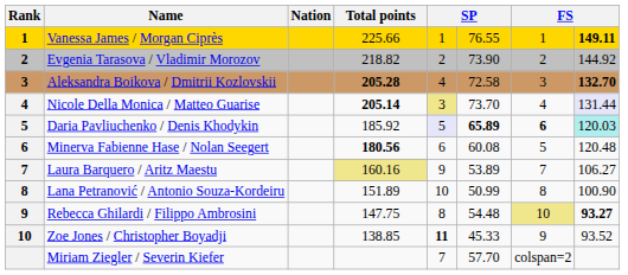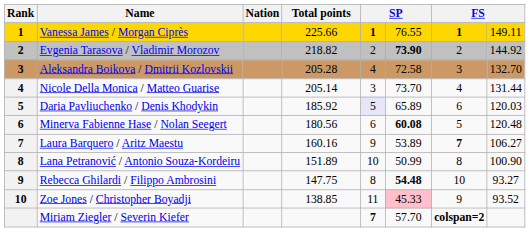 <table class="wikitable sortable">
 <tr>
 <th>Rank</th>
 <th>Name</th>
 <th>Nation</th>
 <th width="100px">Total points</th>
 <th colspan="2" width="90px"><a href='#'>SP</a></th>
 <th colspan="2" width="90px"><a href='#'>FS</a></th>
 </tr>
 <tr bgcolor="gold">
 <td align="center" bgcolor="gold"><strong>1</strong></td>
 <td><a href='#'>Vanessa James</a> / <a href='#'>Morgan Ciprès</a></td>
 <td></td>
 <td align="center">225.66</td>
-<td align="center">1</td>
+<td align="center"><strong>1</strong></td>
 <td align="center">76.55</td>
-<td align="center">1</td>
-<td align="center"><strong>149.11</strong></td>
+<td align="center"><strong>1</strong></td>
+<td align="center">149.11</td>
 </tr>
 <tr bgcolor="silver">
 <td align="center" bgcolor="silver"><strong>2</strong></td>
 <td><a href='#'>Evgenia Tarasova</a> / <a href='#'>Vladimir Morozov</a></td>
 <td></td>
 <td align="center">218.82</td>
 <td align="center">2</td>
-<td align="center">73.90</td>
+<td align="center"><strong>73.90</strong></td>
 <td align="center">2</td>
 <td align="center">144.92</td>
 </tr>
 <tr bgcolor="#cc9966">
 <td align="center" bgcolor="#cc9966"><strong>3</strong></td>
 <td><a href='#'>Aleksandra Boikova</a> / <a href='#'>Dmitrii Kozlovskii</a></td>
 <td></td>
-<td align="center"><strong>205.28</strong></td>
+<td align="center">205.28</td>
 <td align="center">4</td>
 <td align="center">72.58</td>
 <td align="center">3</td>
-<td align="center"><strong>132.70</strong></td>
+<td align="center">132.70</td>
 </tr>
 <tr>
 <th>4</th>
 <td><a href='#'>Nicole Della Monica</a> / <a href='#'>Matteo Guarise</a></td>
 <td></td>
-<td align="center"><strong>205.14</strong></td>
-<td align="center" style="background: khaki;">3</td>
+<td align="center">205.14</td>
+<td align="center">3</td>
 <td align="center">73.70</td>
 <td align="center">4</td>
-<td align="center" style="background: lavender;">131.44</td>
+<td align="center">131.44</td>
 </tr>
 <tr>
 <th>5</th>
 <td><a href='#'>Daria Pavliuchenko</a> / <a href='#'>Denis Khodykin</a></td>
 <td></td>
 <td align="center">185.92</td>
 <td align="center" style="background: lavender;">5</td>
-<td align="center"><strong>65.89</strong></td>
-<td align="center"><strong>6</strong></td>
-<td align="center" style="background: paleturquoise;">120.03</td>
+<td align="center">65.89</td>
+<td align="center">6</td>
+<td align="center">120.03</td>
 </tr>
 <tr>
 <th>6</th>
 <td><a href='#'>Minerva Fabienne Hase</a> / <a href='#'>Nolan Seegert</a></td>
 <td></td>
-<td align="center"><strong>180.56</strong></td>
+<td align="center">180.56</td>
 <td align="center">6</td>
-<td align="center">60.08</td>
+<td align="center"><strong>60.08</strong></td>
 <td align="center">5</td>
 <td align="center">120.48</td>
 </tr>
 <tr>
 <th>7</th>
 <td><a href='#'>Laura Barquero</a> / <a href='#'>Aritz Maestu</a></td>
 <td></td>
-<td align="center" style="background: khaki;">160.16</td>
+<td align="center">160.16</td>
 <td align="center">9</td>
 <td align="center">53.89</td>
-<td align="center">7</td>
+<td align="center"><strong>7</strong></td>
 <td align="center">106.27</td>
 </tr>
 <tr>
 <th>8</th>
 <td><a href='#'>Lana Petranović</a> / <a href='#'>Antonio Souza-Kordeiru</a></td>
 <td></td>
 <td align="center">151.89</td>
 <td align="center">10</td>
 <td align="center">50.99</td>
 <td align="center">8</td>
 <td align="center">100.90</td>
 </tr>
 <tr>
 <th>9</th>
 <td><a href='#'>Rebecca Ghilardi</a> / <a href='#'>Filippo Ambrosini</a></td>
 <td></td>
 <td align="center">147.75</td>
 <td align="center">8</td>
-<td align="center">54.48</td>
-<td align="center" style="background: khaki;">10</td>
-<td align="center"><strong>93.27</strong></td>
+<td align="center"><strong>54.48</strong></td>
+<td align="center">10</td>
+<td align="center">93.27</td>
 </tr>
 <tr>
 <th>10</th>
 <td><a href='#'>Zoe Jones</a> / <a href='#'>Christopher Boyadji</a></td>
 <td></td>
 <td align="center">138.85</td>
-<td align="center"><strong>11</strong></td>
-<td align="center">45.33</td>
+<td align="center">11</td>
+<td align="center" style="background: pink;">45.33</td>
 <td align="center">9</td>
 <td align="center">93.52</td>
 </tr>
 <tr>
 <th></th>
 <td><a href='#'>Miriam Ziegler</a> / <a href='#'>Severin Kiefer</a></td>
 <td></td>
 <td></td>
-<td align="center">7</td>
+<td align="center"><strong>7</strong></td>
 <td align="center">57.70</td>
-<td>colspan=2 </td>
+<td><strong>colspan=2 </strong></td>
 </tr>
 </table>
